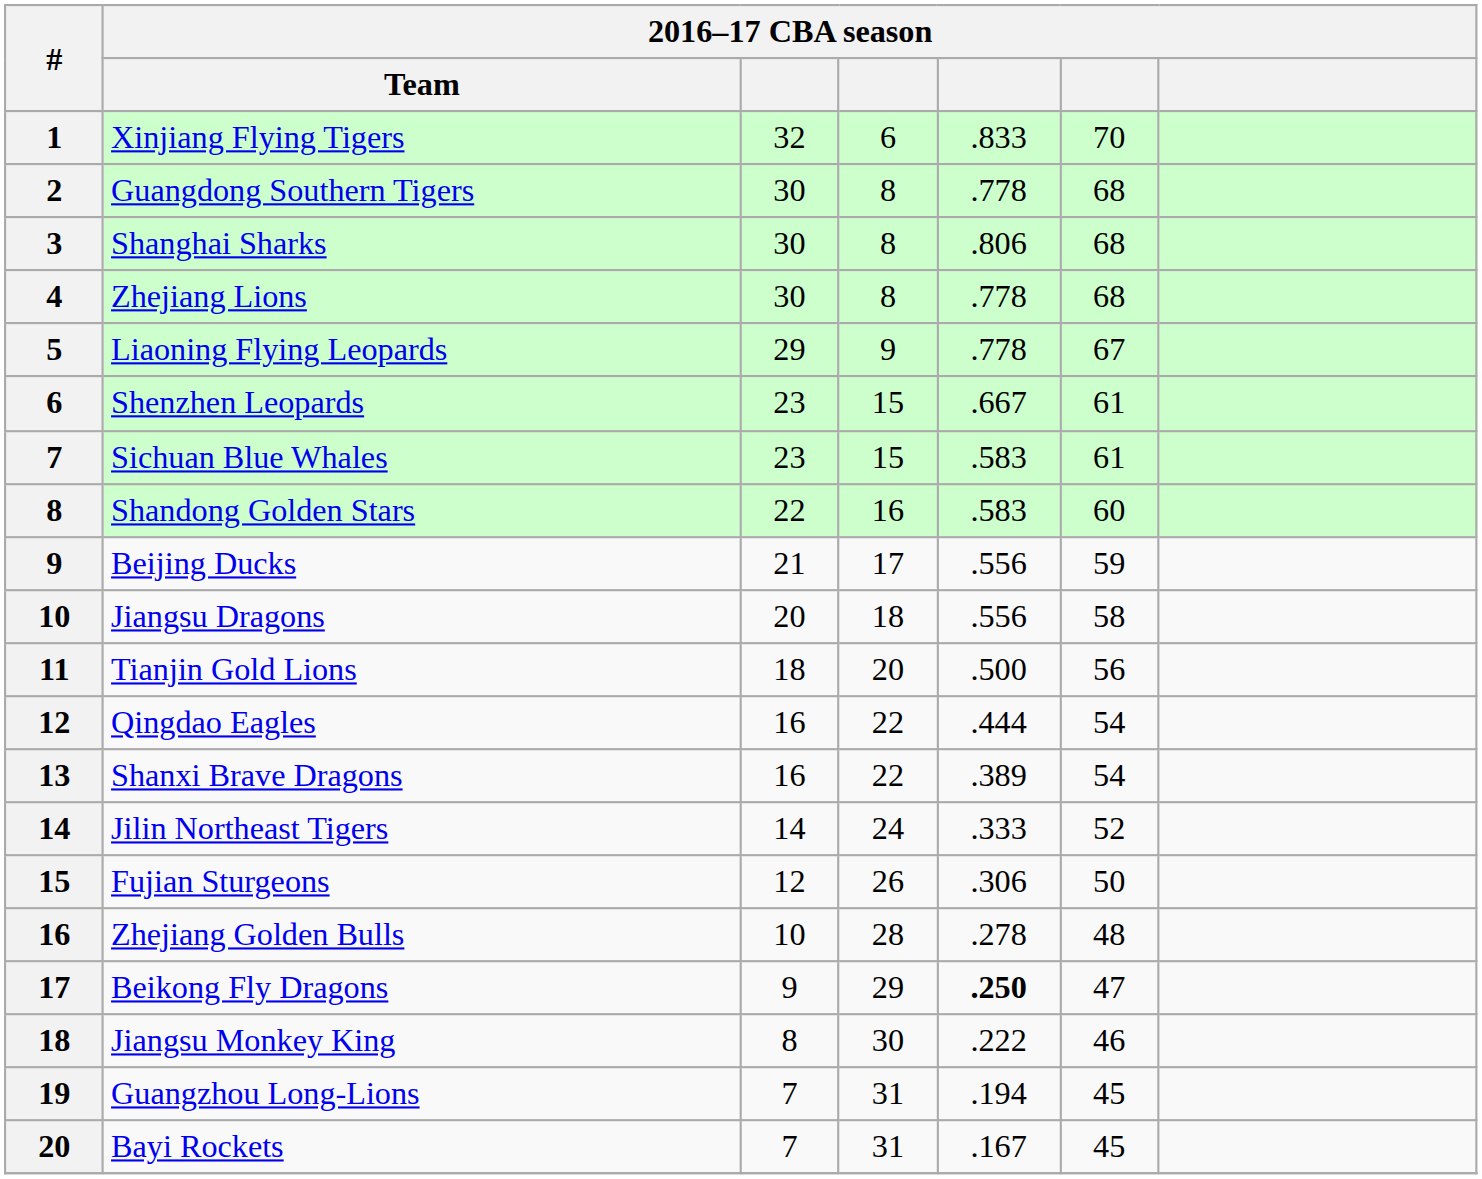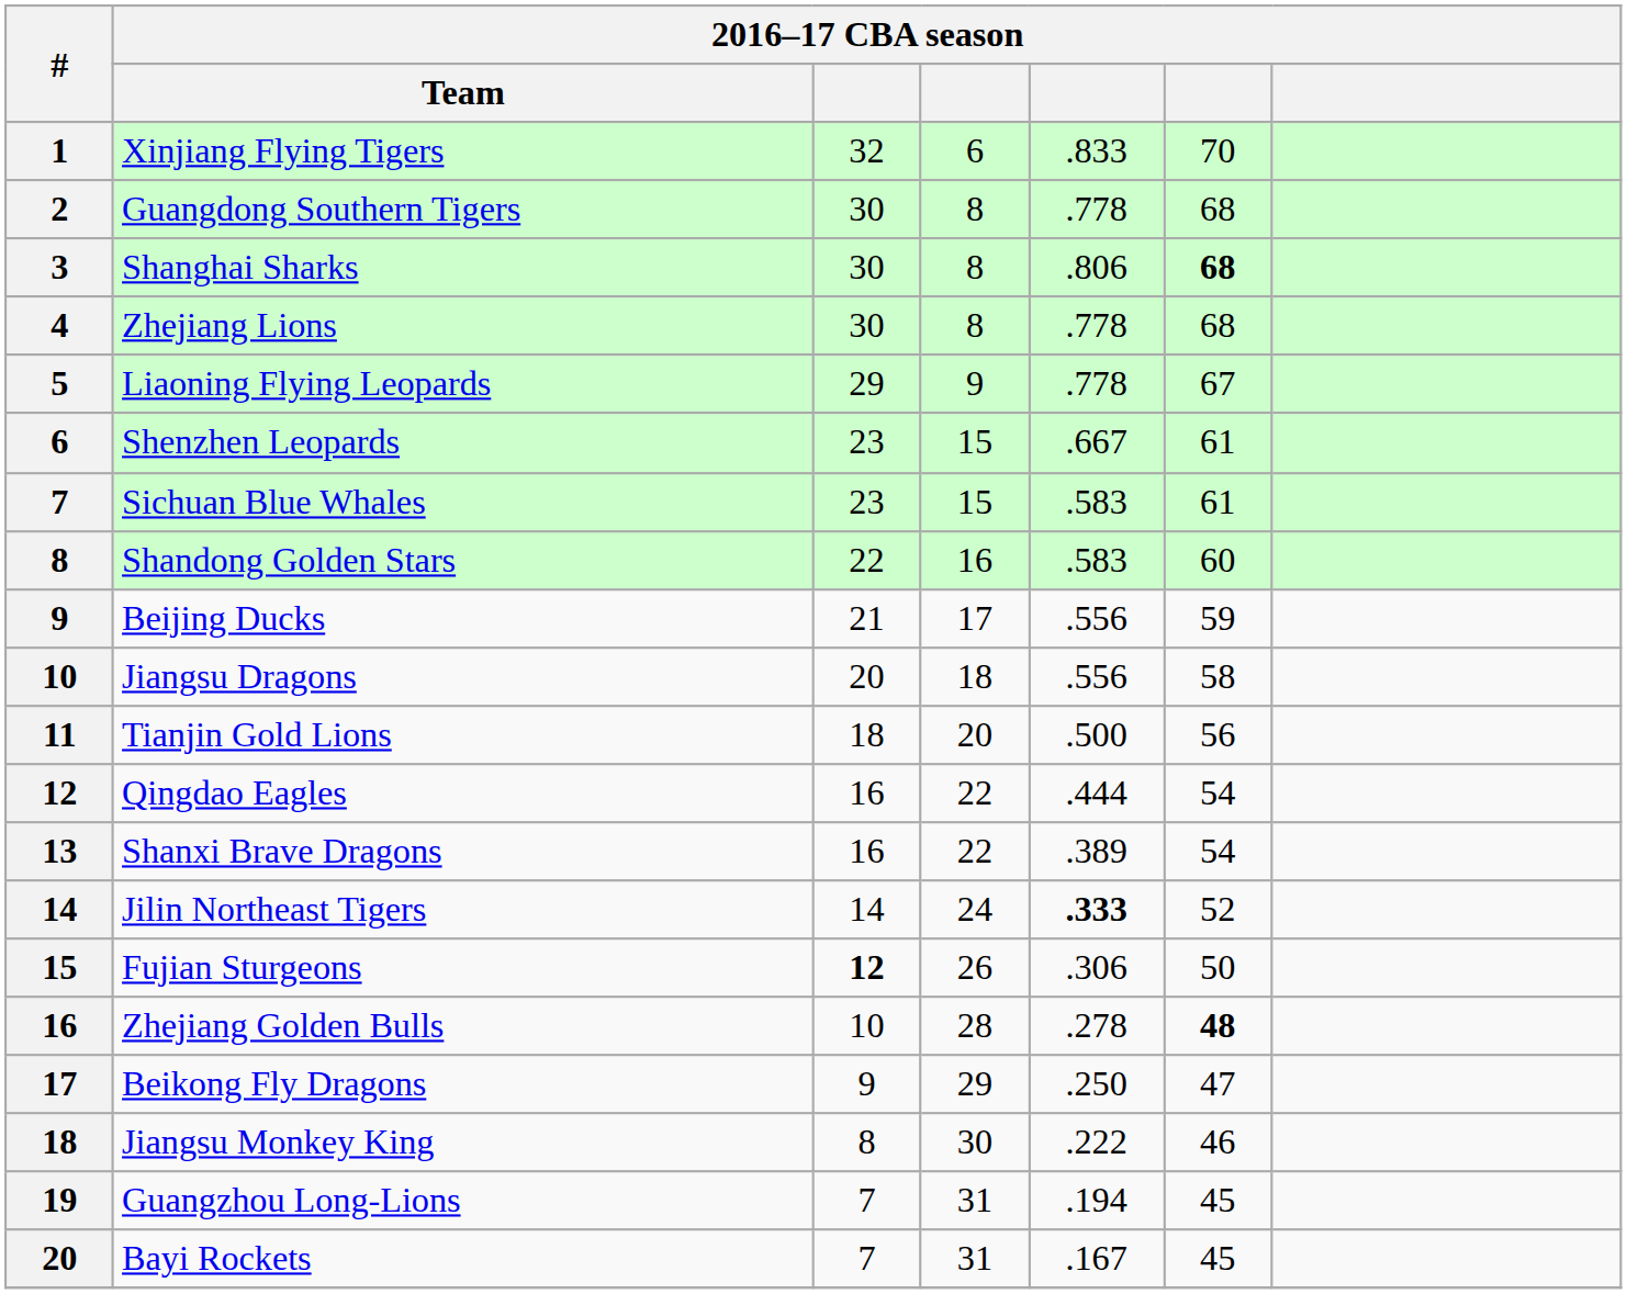 <table class="wikitable" width=55% style="font-size:95%;">
 <tr>
 <th width="3%" rowspan=2>#</th>
 <th colspan="6" style="text-align:center;">2016–17 CBA season</th>
 </tr>
 <tr style="text-align:center;">
 <th width="20%">Team</th>
 <th width="3%"></th>
 <th width="3%"></th>
 <th width="3%"></th>
 <th width="3%"></th>
 <th width="10%"></th>
 </tr>
 <tr style="text-align:center;background: #ccffcc;">
 <th>1</th>
 <td style="text-align:left;"><a href='#'>Xinjiang Flying Tigers</a></td>
 <td>32</td>
 <td>6</td>
 <td>.833</td>
 <td>70</td>
 <td></td>
 </tr>
 <tr style="text-align:center;background: #ccffcc;">
 <th>2</th>
 <td style="text-align:left;"><a href='#'>Guangdong Southern Tigers</a></td>
 <td>30</td>
 <td>8</td>
 <td>.778</td>
 <td>68</td>
 <td></td>
 </tr>
 <tr style="text-align:center;background: #ccffcc;">
 <th>3</th>
 <td style="text-align:left;"><a href='#'>Shanghai Sharks</a></td>
 <td>30</td>
 <td>8</td>
 <td>.806</td>
-<td>68</td>
+<td><strong>68</strong></td>
 <td></td>
 </tr>
 <tr style="text-align:center;background: #ccffcc;">
 <th>4</th>
 <td style="text-align:left;"><a href='#'>Zhejiang Lions</a></td>
 <td>30</td>
 <td>8</td>
 <td>.778</td>
 <td>68</td>
 <td></td>
 </tr>
 <tr style="text-align:center;background: #ccffcc;">
 <th>5</th>
 <td style="text-align:left;"><a href='#'>Liaoning Flying Leopards</a></td>
 <td>29</td>
 <td>9</td>
 <td>.778</td>
 <td>67</td>
 <td></td>
 </tr>
 <tr style="text-align:center;background: #ccffcc;">
 <th>6</th>
 <td style="text-align:left;"><a href='#'>Shenzhen Leopards</a></td>
 <td>23</td>
 <td>15</td>
 <td>.667</td>
 <td>61</td>
 <td></td>
 </tr>
 <tr style="text-align:center;background: #ccffcc;">
 <th>7</th>
 <td style="text-align:left;"><a href='#'>Sichuan Blue Whales</a></td>
 <td>23</td>
 <td>15</td>
 <td>.583</td>
 <td>61</td>
 <td></td>
 </tr>
 <tr style="text-align:center;background: #ccffcc;">
 <th>8</th>
 <td style="text-align:left;"><a href='#'>Shandong Golden Stars</a></td>
 <td>22</td>
 <td>16</td>
 <td>.583</td>
 <td>60</td>
 <td></td>
 </tr>
 <tr style="text-align:center;background:">
 <th>9</th>
 <td style="text-align:left;"><a href='#'>Beijing Ducks</a></td>
 <td>21</td>
 <td>17</td>
 <td>.556</td>
 <td>59</td>
 <td></td>
 </tr>
 <tr style="text-align:center;background:">
 <th>10</th>
 <td style="text-align:left;"><a href='#'>Jiangsu Dragons</a></td>
 <td>20</td>
 <td>18</td>
 <td>.556</td>
 <td>58</td>
 <td></td>
 </tr>
 <tr style="text-align:center;background:">
 <th>11</th>
 <td style="text-align:left;"><a href='#'>Tianjin Gold Lions</a></td>
 <td>18</td>
 <td>20</td>
 <td>.500</td>
 <td>56</td>
 <td></td>
 </tr>
 <tr style="text-align:center;background:">
 <th>12</th>
 <td style="text-align:left;"><a href='#'>Qingdao Eagles</a></td>
 <td>16</td>
 <td>22</td>
 <td>.444</td>
 <td>54</td>
 <td></td>
 </tr>
 <tr style="text-align:center;background:">
 <th>13</th>
 <td style="text-align:left;"><a href='#'>Shanxi Brave Dragons</a></td>
 <td>16</td>
 <td>22</td>
 <td>.389</td>
 <td>54</td>
 <td></td>
 </tr>
 <tr style="text-align:center;background:">
 <th>14</th>
 <td style="text-align:left;"><a href='#'>Jilin Northeast Tigers</a></td>
 <td>14</td>
 <td>24</td>
-<td>.333</td>
+<td><strong>.333</strong></td>
 <td>52</td>
 <td></td>
 </tr>
 <tr style="text-align:center;background:">
 <th>15</th>
 <td style="text-align:left;"><a href='#'>Fujian Sturgeons</a></td>
-<td>12</td>
+<td><strong>12</strong></td>
 <td>26</td>
 <td>.306</td>
 <td>50</td>
 <td></td>
 </tr>
 <tr style="text-align:center;background:">
 <th>16</th>
 <td style="text-align:left;"><a href='#'>Zhejiang Golden Bulls</a></td>
 <td>10</td>
 <td>28</td>
 <td>.278</td>
-<td>48</td>
+<td><strong>48</strong></td>
 <td></td>
 </tr>
 <tr style="text-align:center;background:">
 <th>17</th>
 <td style="text-align:left;"><a href='#'>Beikong Fly Dragons</a></td>
 <td>9</td>
 <td>29</td>
-<td><strong>.250</strong></td>
+<td>.250</td>
 <td>47</td>
 <td></td>
 </tr>
 <tr style="text-align:center;background:">
 <th>18</th>
 <td style="text-align:left;"><a href='#'>Jiangsu Monkey King</a></td>
 <td>8</td>
 <td>30</td>
 <td>.222</td>
 <td>46</td>
 <td></td>
 </tr>
 <tr style="text-align:center;background:">
 <th>19</th>
 <td style="text-align:left;"><a href='#'>Guangzhou Long-Lions</a></td>
 <td>7</td>
 <td>31</td>
 <td>.194</td>
 <td>45</td>
 <td></td>
 </tr>
 <tr style="text-align:center;background:">
 <th>20</th>
 <td style="text-align:left;"><a href='#'>Bayi Rockets</a></td>
 <td>7</td>
 <td>31</td>
 <td>.167</td>
 <td>45</td>
 <td></td>
 </tr>
 <tr style="text-align:center;background:">
 </tr>
 </table>
